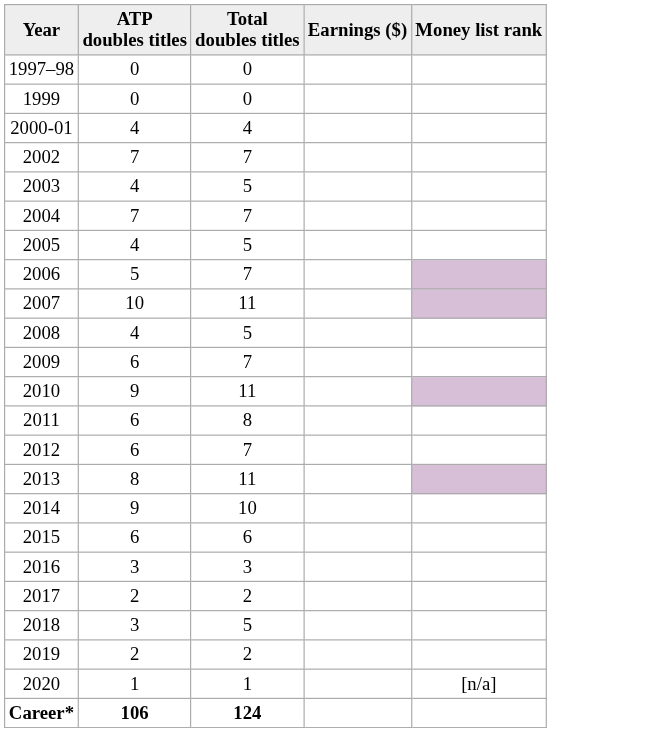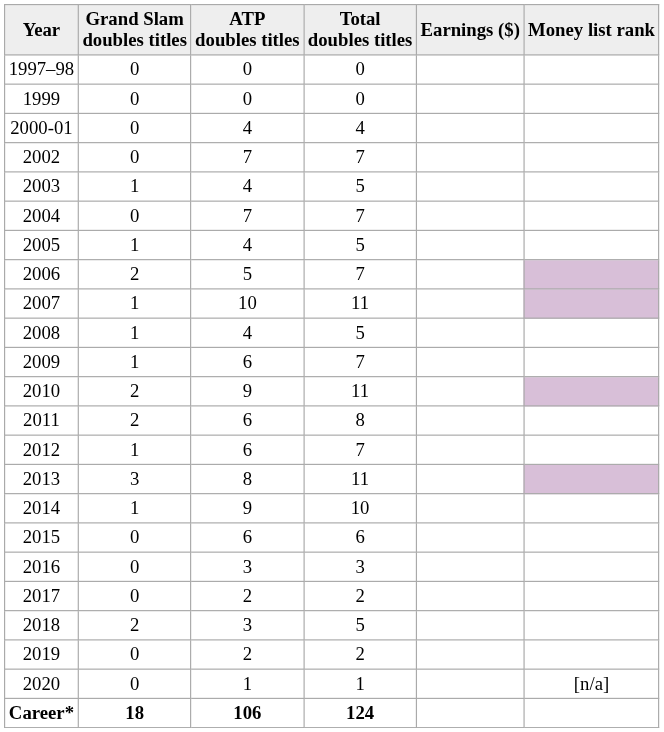 <table cellpadding=3 cellspacing=0 border=1 style=font-size:100%;border:#aaa;solid:1px;border-collapse:collapse;text-align:center>
 <tr bgcolor=EEEEEE>
 <th>Year</th>
+<th>Grand Slam<br>doubles titles</th>
 <th>ATP <br>doubles titles</th>
 <th>Total<br>doubles titles</th>
 <th>Earnings ($)</th>
 <th>Money list rank</th>
 </tr>
 <tr>
 <td>1997–98</td>
 <td>0</td>
 <td>0</td>
+<td>0</td>
 <td align=right></td>
 <td></td>
 </tr>
 <tr>
 <td>1999</td>
 <td>0</td>
 <td>0</td>
+<td>0</td>
 <td align=right></td>
 <td></td>
 </tr>
 <tr>
 <td>2000-01</td>
+<td>0</td>
 <td>4</td>
 <td>4</td>
 <td align=right></td>
 <td></td>
 </tr>
 <tr>
 <td>2002</td>
+<td>0</td>
 <td>7</td>
 <td>7</td>
 <td align=right></td>
 <td></td>
 </tr>
 <tr>
 <td>2003</td>
+<td>1</td>
 <td>4</td>
 <td>5</td>
 <td align=right></td>
 <td></td>
 </tr>
 <tr>
 <td>2004</td>
+<td>0</td>
 <td>7</td>
 <td>7</td>
 <td align=right></td>
 <td></td>
 </tr>
 <tr>
 <td>2005</td>
+<td>1</td>
 <td>4</td>
 <td>5</td>
 <td align=right></td>
 <td></td>
 </tr>
 <tr>
 <td>2006</td>
+<td>2</td>
 <td>5</td>
 <td>7</td>
 <td align=right></td>
 <td bgcolor=D8BFD8></td>
 </tr>
 <tr>
 <td>2007</td>
+<td>1</td>
 <td>10</td>
 <td>11</td>
 <td align=right></td>
 <td bgcolor=D8BFD8></td>
 </tr>
 <tr>
 <td>2008</td>
+<td>1</td>
 <td>4</td>
 <td>5</td>
 <td align=right></td>
 <td></td>
 </tr>
 <tr>
 <td>2009</td>
+<td>1</td>
 <td>6</td>
 <td>7</td>
 <td align=right></td>
 <td></td>
 </tr>
 <tr>
 <td>2010</td>
+<td>2</td>
 <td>9</td>
 <td>11</td>
 <td align=right></td>
 <td bgcolor=D8BFD8></td>
 </tr>
 <tr>
 <td>2011</td>
+<td>2</td>
 <td>6</td>
 <td>8</td>
 <td align=right></td>
 <td></td>
 </tr>
 <tr>
 <td>2012</td>
+<td>1</td>
 <td>6</td>
 <td>7</td>
 <td align=right></td>
 <td></td>
 </tr>
 <tr>
 <td>2013</td>
+<td>3</td>
 <td>8</td>
 <td>11</td>
 <td align=right> </td>
 <td bgcolor=D8BFD8> </td>
 </tr>
 <tr>
 <td>2014</td>
+<td>1</td>
 <td>9</td>
 <td>10</td>
 <td align=right></td>
 <td></td>
 </tr>
 <tr>
 <td>2015</td>
+<td>0</td>
 <td>6</td>
 <td>6</td>
 <td align=right></td>
 <td></td>
 </tr>
 <tr>
 <td>2016</td>
+<td>0</td>
 <td>3</td>
 <td>3</td>
 <td align=right></td>
 <td></td>
 </tr>
 <tr>
 <td>2017</td>
+<td>0</td>
 <td>2</td>
 <td>2</td>
 <td align=right></td>
 <td></td>
 </tr>
 <tr>
 <td>2018</td>
+<td>2</td>
 <td>3</td>
 <td>5</td>
 <td align=right></td>
 <td></td>
 </tr>
 <tr>
 <td>2019</td>
+<td>0</td>
 <td>2</td>
 <td>2</td>
 <td align=right></td>
 <td></td>
 </tr>
 <tr>
 <td>2020</td>
+<td>0</td>
 <td>1</td>
 <td>1</td>
 <td align=right></td>
 <td>[n/a]</td>
 </tr>
 <tr>
 <th>Career*</th>
+<th>18</th>
 <th>106</th>
 <th>124</th>
 <th align=right></th>
 <th></th>
 </tr>
 </table>
